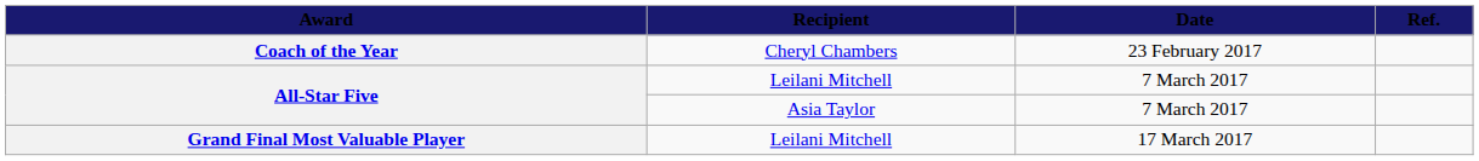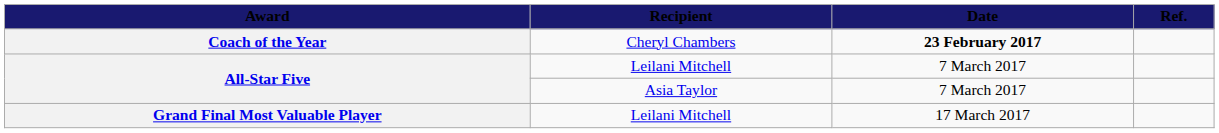 <table class="wikitable sortable" style="text-align: center">
 <tr>
 <th style="background: midnightblue" width="9%"><span>Award</span></th>
 <th style="background: midnightblue" width="5%"><span>Recipient</span></th>
 <th style="background: midnightblue" width="5%"><span>Date</span></th>
 <th style="background: midnightblue" width="1%" class="unsortable"><span>Ref.</span></th>
 </tr>
 <tr>
 <th rowspan=1><a href='#'>Coach of the Year</a></th>
 <td><a href='#'>Cheryl Chambers</a></td>
-<td>23 February 2017</td>
+<td><strong>23 February 2017</strong></td>
 <td></td>
 </tr>
 <tr>
 <th rowspan=2><a href='#'>All-Star Five</a></th>
 <td><a href='#'>Leilani Mitchell</a></td>
 <td>7 March 2017</td>
 <td></td>
 </tr>
 <tr>
 <td><a href='#'>Asia Taylor</a></td>
 <td>7 March 2017</td>
 <td></td>
 </tr>
 <tr>
 <th rowspan=1><a href='#'>Grand Final Most Valuable Player</a></th>
 <td><a href='#'>Leilani Mitchell</a></td>
 <td>17 March 2017</td>
 <td></td>
 </tr>
 </table>
